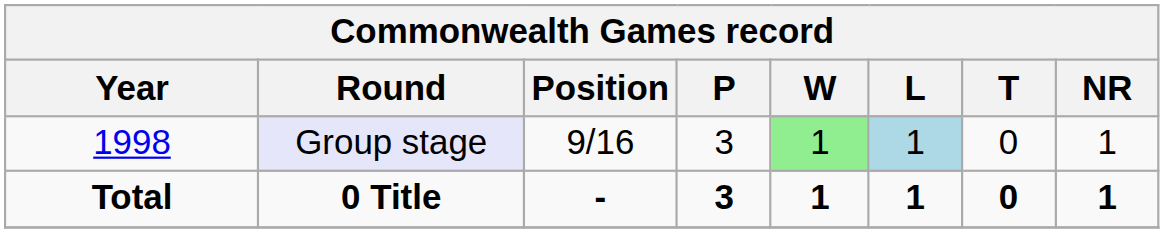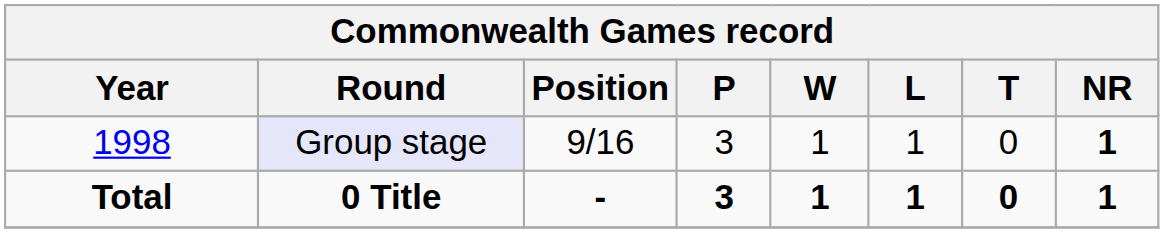 <table class="wikitable" style="text-align: center; width:85%">
 <tr>
 <th colspan="10">Commonwealth Games record</th>
 </tr>
 <tr>
 <th width="150">Year</th>
 <th width="150">Round</th>
 <th width="50">Position</th>
 <th width="50">P</th>
 <th width="50">W</th>
 <th width="50">L</th>
 <th width="50">T</th>
 <th width="50">NR</th>
 </tr>
 <tr>
 <td> <a href='#'>1998</a></td>
 <td style="background: lavender;">Group stage</td>
 <td>9/16</td>
 <td>3</td>
-<td style="background: lightgreen;">1</td>
-<td style="background: lightblue;">1</td>
+<td>1</td>
+<td>1</td>
 <td>0</td>
-<td>1</td>
+<td><strong>1</strong></td>
 </tr>
 <tr>
 <td><strong>Total</strong></td>
 <td><strong>0 Title</strong></td>
 <td><strong>-</strong></td>
 <td><strong>3</strong></td>
 <td><strong>1</strong></td>
 <td><strong>1</strong></td>
 <td><strong>0</strong></td>
 <td><strong>1</strong></td>
 </tr>
 <tr>
 </tr>
 </table>
